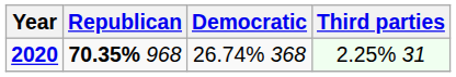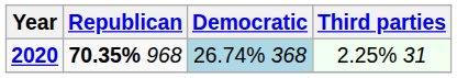 <table class="wikitable" style="float:right; font-size:95%;">
 <tr bgcolor=lightgrey>
 <th>Year</th>
 <th><a href='#'>Republican</a></th>
 <th><a href='#'>Democratic</a></th>
 <th><a href='#'>Third parties</a></th>
 </tr>
 <tr>
 <td style="text-align:center;" ><strong><a href='#'>2020</a></strong></td>
 <td style="text-align:center;" ><strong>70.35%</strong> <em>968</em></td>
-<td style="text-align:center;" >26.74% <em>368</em></td>
+<td style="background: lightblue; text-align:center;" >26.74% <em>368</em></td>
 <td style="text-align:center; background:honeyDew;">2.25% <em>31</em></td>
 </tr>
 <tr>
 </tr>
 </table>
